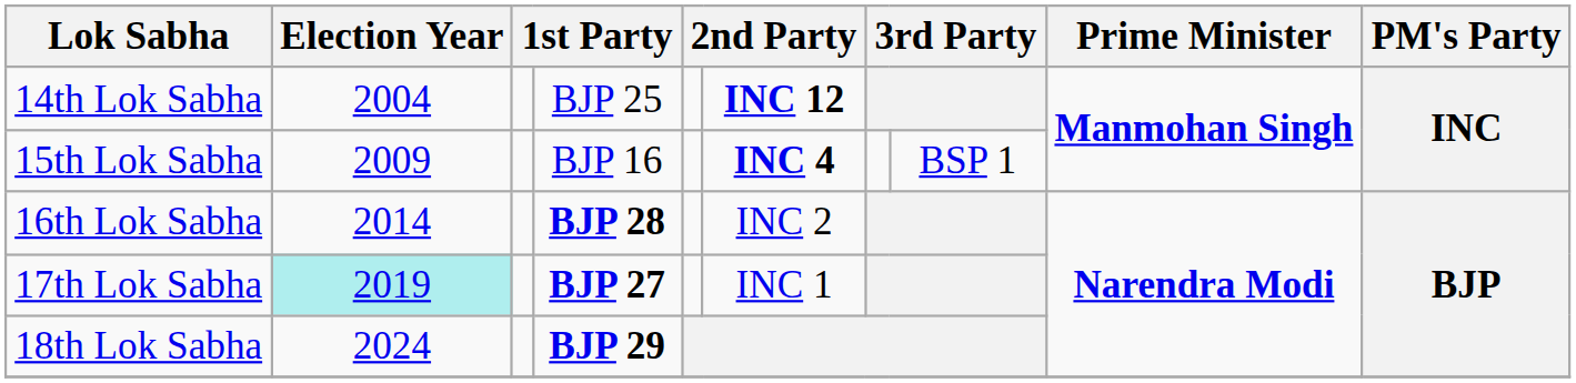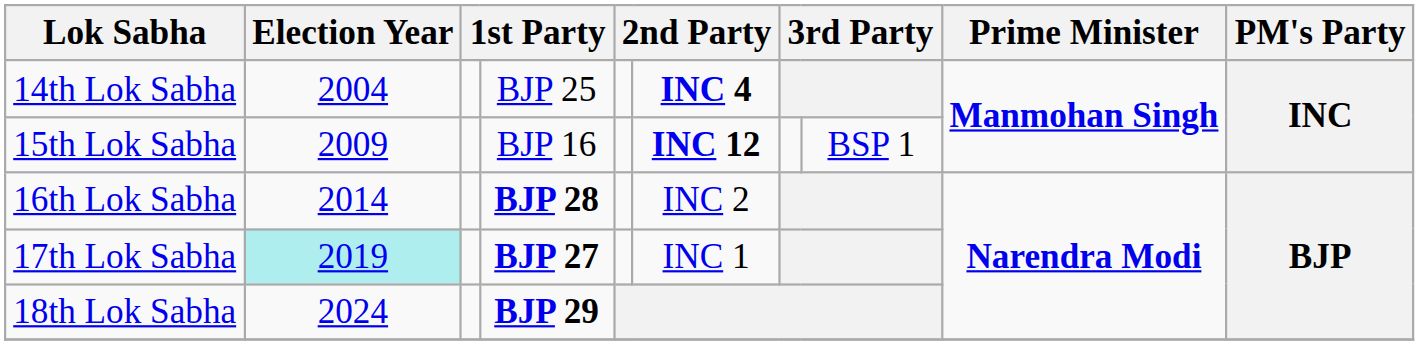 <table class="wikitable" style="text-align:center">
 <tr>
 <th>Lok Sabha</th>
 <th>Election Year</th>
 <th colspan="2">1st Party</th>
 <th colspan="2">2nd Party</th>
 <th colspan="2">3rd Party</th>
 <th>Prime Minister</th>
 <th>PM's Party</th>
 </tr>
 <tr>
 <td><a href='#'>14th Lok Sabha</a></td>
 <td><a href='#'>2004</a></td>
 <td style="background-color: "></td>
 <td><a href='#'>BJP</a> 25</td>
 <td style="background-color: "></td>
-<td><strong><a href='#'>INC</a> 12</strong></td>
+<td><strong><a href='#'>INC</a> 4</strong></td>
 <th colspan="2"></th>
 <td rowspan=2><strong><a href='#'>Manmohan Singh</a></strong></td>
 <th rowspan=2: style="background-color: ">INC</th>
 </tr>
 <tr>
 <td><a href='#'>15th Lok Sabha</a></td>
 <td><a href='#'>2009</a></td>
 <td style="background-color: "></td>
 <td><a href='#'>BJP</a> 16</td>
 <td style="background-color: "></td>
-<td><strong><a href='#'>INC</a> 4</strong></td>
+<td><strong><a href='#'>INC</a> 12</strong></td>
 <td style="background-color: "></td>
 <td><a href='#'>BSP</a> 1</td>
 </tr>
 <tr>
 <td><a href='#'>16th Lok Sabha</a></td>
 <td><a href='#'>2014</a></td>
 <td style="background-color: "></td>
 <td><strong><a href='#'>BJP</a> 28</strong></td>
 <td style="background-color: "></td>
 <td><a href='#'>INC</a> 2</td>
 <th colspan="2"></th>
 <td rowspan=3><strong><a href='#'>Narendra Modi</a></strong></td>
 <th rowspan=3: style="background-color: ">BJP</th>
 </tr>
 <tr>
 <td><a href='#'>17th Lok Sabha</a></td>
 <td style="background: paleturquoise;"><a href='#'>2019</a></td>
 <td style="background-color: "></td>
 <td><strong><a href='#'>BJP</a> 27</strong></td>
 <td style="background-color: "></td>
 <td><a href='#'>INC</a> 1</td>
 <th colspan="2"></th>
 </tr>
 <tr>
 <td><a href='#'>18th Lok Sabha</a></td>
 <td><a href='#'>2024</a></td>
 <td style="background-color: "></td>
 <td><strong><a href='#'>BJP</a> 29</strong></td>
 <th colspan="4"></th>
 </tr>
 <tr>
 </tr>
 </table>
